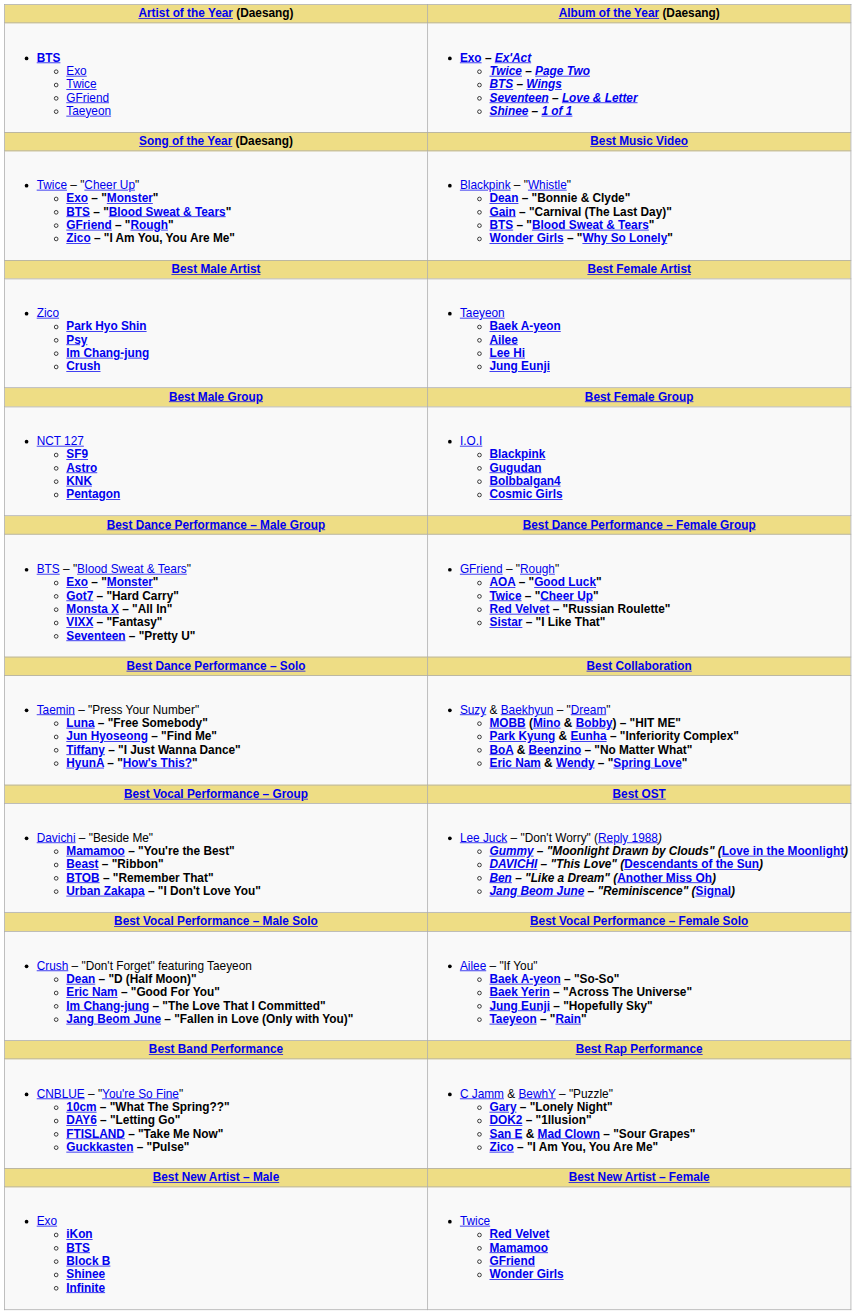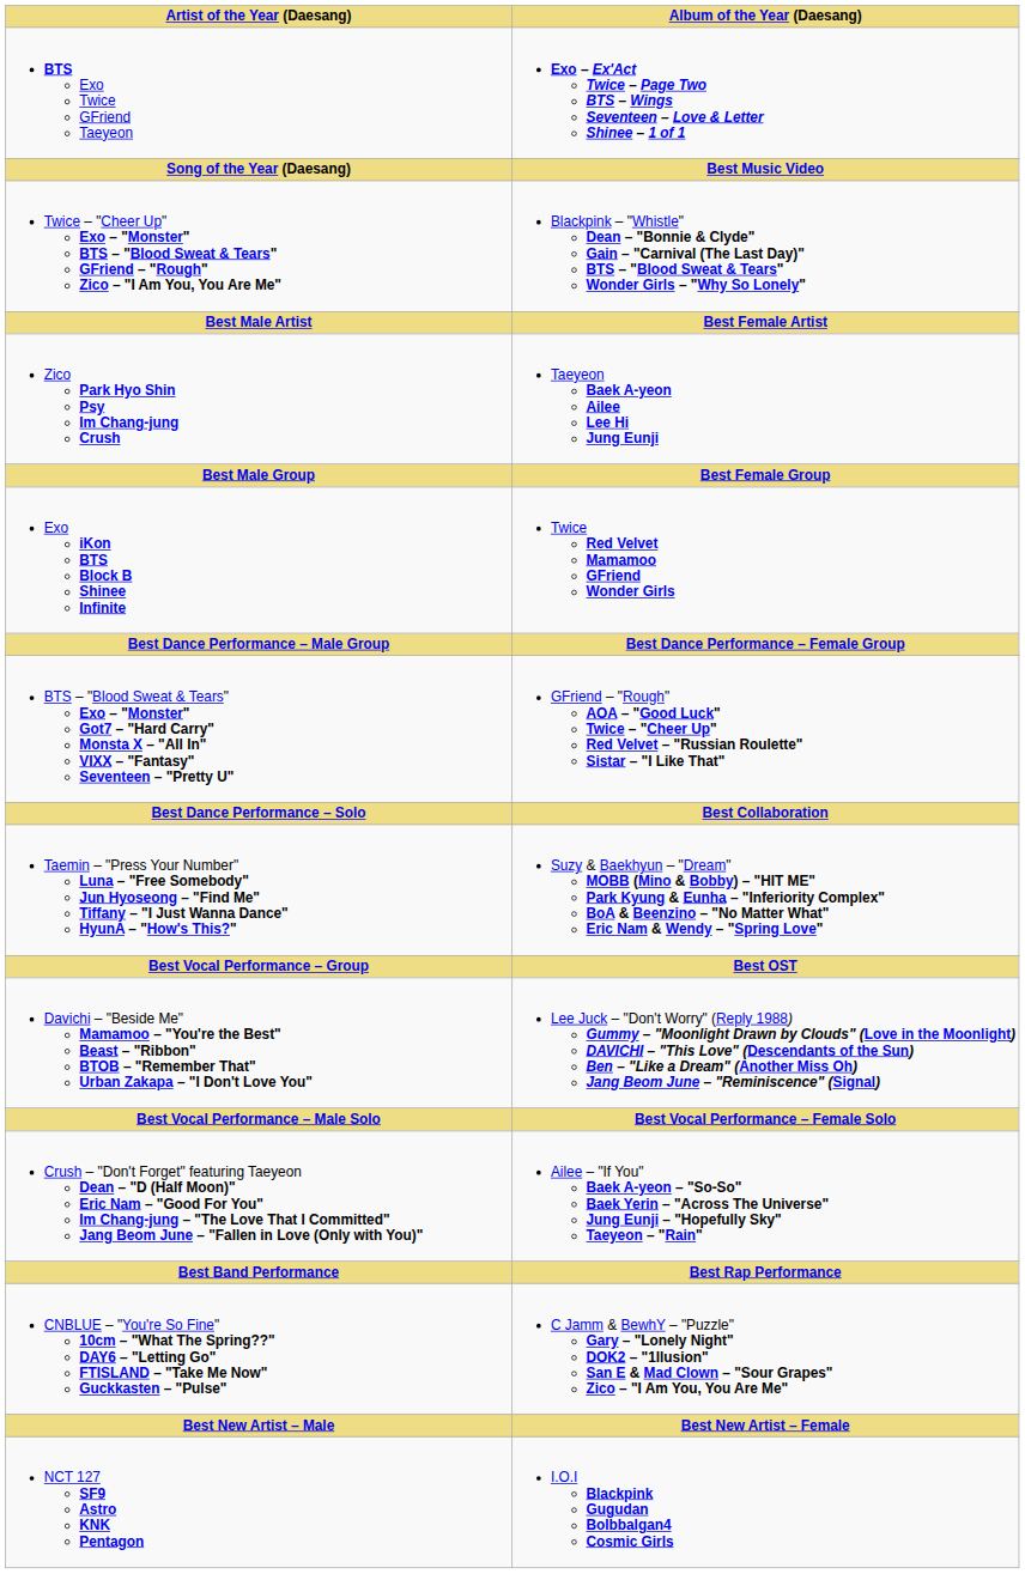 <table class=wikitable>
 <tr>
 <th scope="col" style="background:#EEDD85; width:50%"><a href='#'>Artist of the Year</a> (Daesang)</th>
 <th scope="col" style="background:#EEDD85; width:50%"><a href='#'>Album of the Year</a> (Daesang)</th>
 </tr>
 <tr>
 <td valign="top"><br><ul><li><strong><a href='#'>BTS</a></strong><ul><li><a href='#'>Exo</a></li><li><a href='#'>Twice</a></li><li><a href='#'>GFriend</a></li><li><a href='#'>Taeyeon</a></li></ul></li></ul></td>
 <td valign="top"><br><ul><li><strong><a href='#'>Exo</a> – <em><a href='#'>Ex'Act</a><strong><em><ul><li><a href='#'>Twice</a> – </em><a href='#'>Page Two</a><em></li><li><a href='#'>BTS</a> – </em><a href='#'>Wings</a><em></li><li><a href='#'>Seventeen</a> – </em><a href='#'>Love & Letter</a><em></li><li><a href='#'>Shinee</a> – </em><a href='#'>1 of 1</a><em></li></ul></li></ul></td>
 </tr>
 <tr>
 <th scope="col" style="background:#EEDD85; width:50%"><a href='#'>Song of the Year</a> (Daesang)</th>
 <th scope="col" style="background:#EEDD85; width:50%"><a href='#'>Best Music Video</a></th>
 </tr>
 <tr>
 <td valign="top"><br><ul><li></strong><a href='#'>Twice</a> – "<a href='#'>Cheer Up</a>"<strong><ul><li><a href='#'>Exo</a> – "<a href='#'>Monster</a>"</li><li><a href='#'>BTS</a> – "<a href='#'>Blood Sweat & Tears</a>"</li><li><a href='#'>GFriend</a> – "<a href='#'>Rough</a>"</li><li><a href='#'>Zico</a> – "I Am You, You Are Me"</li></ul></li></ul></td>
 <td valign="top"><br><ul><li></strong><a href='#'>Blackpink</a> – "<a href='#'>Whistle</a>"<strong><ul><li><a href='#'>Dean</a> – "Bonnie & Clyde"</li><li><a href='#'>Gain</a> – "Carnival (The Last Day)"</li><li><a href='#'>BTS</a> – "<a href='#'>Blood Sweat & Tears</a>"</li><li><a href='#'>Wonder Girls</a> – "<a href='#'>Why So Lonely</a>"</li></ul></li></ul></td>
 </tr>
 <tr>
 <th scope="col" style="background:#EEDD85; width:50%"><a href='#'>Best Male Artist</a></th>
 <th scope="col" style="background:#EEDD85; width:50%"><a href='#'>Best Female Artist</a></th>
 </tr>
 <tr>
 <td valign="top"><br><ul><li></strong><a href='#'>Zico</a><strong><ul><li><a href='#'>Park Hyo Shin</a></li><li><a href='#'>Psy</a></li><li><a href='#'>Im Chang-jung</a></li><li><a href='#'>Crush</a></li></ul></li></ul></td>
 <td valign="top"><br><ul><li></strong><a href='#'>Taeyeon</a><strong><ul><li><a href='#'>Baek A-yeon</a></li><li><a href='#'>Ailee</a></li><li><a href='#'>Lee Hi</a></li><li><a href='#'>Jung Eunji</a></li></ul></li></ul></td>
 </tr>
 <tr>
 <th scope="col" style="background:#EEDD85; width:50%"><a href='#'>Best Male Group</a></th>
 <th scope="col" style="background:#EEDD85; width:50%"><a href='#'>Best Female Group</a></th>
 </tr>
 <tr>
-<td valign="top"><br><ul><li></strong><a href='#'>NCT 127</a><strong><ul><li><a href='#'>SF9</a></li><li><a href='#'>Astro</a></li><li><a href='#'>KNK</a></li><li><a href='#'>Pentagon</a></li></ul></li></ul></td>
-<td valign="top"><br><ul><li></strong><a href='#'>I.O.I</a><strong><ul><li><a href='#'>Blackpink</a></li><li><a href='#'>Gugudan</a></li><li><a href='#'>Bolbbalgan4</a></li><li><a href='#'>Cosmic Girls</a></li></ul></li></ul></td>
+<td valign="top"><br><ul><li></strong><a href='#'>Exo</a><strong><ul><li><a href='#'>iKon</a></li><li><a href='#'>BTS</a></li><li><a href='#'>Block B</a></li><li><a href='#'>Shinee</a></li><li><a href='#'>Infinite</a></li></ul></li></ul></td>
+<td valign="top"><br><ul><li></strong><a href='#'>Twice</a><strong><ul><li><a href='#'>Red Velvet</a></li><li><a href='#'>Mamamoo</a></li><li><a href='#'>GFriend</a></li><li><a href='#'>Wonder Girls</a></li></ul></li></ul></td>
 </tr>
 <tr>
 <th scope="col" style="background:#EEDD85; width:50%"><a href='#'>Best Dance Performance – Male Group</a></th>
 <th scope="col" style="background:#EEDD85; width:50%"><a href='#'>Best Dance Performance – Female Group</a></th>
 </tr>
 <tr>
 <td valign="top"><br><ul><li></strong><a href='#'>BTS</a> – "<a href='#'>Blood Sweat & Tears</a>"<strong><ul><li><a href='#'>Exo</a> – "<a href='#'>Monster</a>"</li><li><a href='#'>Got7</a> – "Hard Carry"</li><li><a href='#'>Monsta X</a> – "All In"</li><li><a href='#'>VIXX</a> – "Fantasy"</li><li><a href='#'>Seventeen</a> – "Pretty U"</li></ul></li></ul></td>
 <td valign="top"><br><ul><li></strong><a href='#'>GFriend</a> – "<a href='#'>Rough</a>"<strong><ul><li><a href='#'>AOA</a> – "<a href='#'>Good Luck</a>"</li><li><a href='#'>Twice</a> – "<a href='#'>Cheer Up</a>"</li><li><a href='#'>Red Velvet</a> – "Russian Roulette"</li><li><a href='#'>Sistar</a> – "I Like That"</li></ul></li></ul></td>
 </tr>
 <tr>
 <th scope="col" style="background:#EEDD85; width:50%"><a href='#'>Best Dance Performance – Solo</a></th>
 <th scope="col" style="background:#EEDD85; width:50%"><a href='#'>Best Collaboration</a></th>
 </tr>
 <tr>
 <td valign="top"><br><ul><li></strong><a href='#'>Taemin</a> – "Press Your Number"<strong><ul><li><a href='#'>Luna</a> – "Free Somebody"</li><li><a href='#'>Jun Hyoseong</a> – "Find Me"</li><li><a href='#'>Tiffany</a> – "I Just Wanna Dance"</li><li><a href='#'>HyunA</a> – "<a href='#'>How's This?</a>"</li></ul></li></ul></td>
 <td valign="top"><br><ul><li></strong><a href='#'>Suzy</a> & <a href='#'>Baekhyun</a> – "<a href='#'>Dream</a>"<strong><ul><li><a href='#'>MOBB</a> (<a href='#'>Mino</a> & <a href='#'>Bobby</a>) – "HIT ME"</li><li><a href='#'>Park Kyung</a> & <a href='#'>Eunha</a> – "Inferiority Complex"</li><li><a href='#'>BoA</a> & <a href='#'>Beenzino</a> – "No Matter What"</li><li><a href='#'>Eric Nam</a> & <a href='#'>Wendy</a> – "<a href='#'>Spring Love</a>"</li></ul></li></ul></td>
 </tr>
 <tr>
 <th scope="col" style="background:#EEDD85; width:50%"><a href='#'>Best Vocal Performance – Group</a></th>
 <th scope="col" style="background:#EEDD85; width:50%"><a href='#'>Best OST</a></th>
 </tr>
 <tr>
 <td valign="top"><br><ul><li></strong><a href='#'>Davichi</a> – "Beside Me"<strong><ul><li><a href='#'>Mamamoo</a> – "You're the Best"</li><li><a href='#'>Beast</a> – "Ribbon"</li><li><a href='#'>BTOB</a> – "Remember That"</li><li><a href='#'>Urban Zakapa</a> – "I Don't Love You"</li></ul></li></ul></td>
 <td valign="top"><br><ul><li></strong><a href='#'>Lee Juck</a> – "Don't Worry" (</em><a href='#'>Reply 1988</a><em>)<strong><ul><li><a href='#'>Gummy</a> – "Moonlight Drawn by Clouds" (</em><a href='#'>Love in the Moonlight</a><em>)</li><li><a href='#'>DAVICHI</a> – "This Love" (</em><a href='#'>Descendants of the Sun</a><em>)</li><li><a href='#'>Ben</a> – "Like a Dream" (</em><a href='#'>Another Miss Oh</a><em>)</li><li><a href='#'>Jang Beom June</a> – "Reminiscence" (</em><a href='#'>Signal</a><em>)</li></ul></li></ul></td>
 </tr>
 <tr>
 <th scope="col" style="background:#EEDD85; width:50%"><a href='#'>Best Vocal Performance – Male Solo</a></th>
 <th scope="col" style="background:#EEDD85; width:50%"><a href='#'>Best Vocal Performance – Female Solo</a></th>
 </tr>
 <tr>
 <td valign="top"><br><ul><li></strong><a href='#'>Crush</a> – "Don't Forget" featuring Taeyeon<strong><ul><li><a href='#'>Dean</a> – "D (Half Moon)"</li><li><a href='#'>Eric Nam</a> – "Good For You"</li><li><a href='#'>Im Chang-jung</a> – "The Love That I Committed"</li><li><a href='#'>Jang Beom June</a> – "Fallen in Love (Only with You)"</li></ul></li></ul></td>
 <td valign="top"><br><ul><li></strong><a href='#'>Ailee</a> – "If You"<strong><ul><li><a href='#'>Baek A-yeon</a> – "So-So"</li><li><a href='#'>Baek Yerin</a> – "Across The Universe"</li><li><a href='#'>Jung Eunji</a> – "Hopefully Sky"</li><li><a href='#'>Taeyeon</a> – "<a href='#'>Rain</a>"</li></ul></li></ul></td>
 </tr>
 <tr>
 <th scope="col" style="background:#EEDD85; width:50%"><a href='#'>Best Band Performance</a></th>
 <th scope="col" style="background:#EEDD85; width:50%"><a href='#'>Best Rap Performance</a></th>
 </tr>
 <tr>
 <td valign="top"><br><ul><li></strong><a href='#'>CNBLUE</a> – "<a href='#'>You're So Fine</a>"<strong><ul><li><a href='#'>10cm</a> – "What The Spring??"</li><li><a href='#'>DAY6</a> – "Letting Go"</li><li><a href='#'>FTISLAND</a> – "Take Me Now"</li><li><a href='#'>Guckkasten</a> – "Pulse"</li></ul></li></ul></td>
 <td valign="top"><br><ul><li></strong><a href='#'>C Jamm</a> & <a href='#'>BewhY</a> – "Puzzle"<strong><ul><li><a href='#'>Gary</a> – "Lonely Night"</li><li><a href='#'>DOK2</a> – "1llusion"</li><li><a href='#'>San E</a> & <a href='#'>Mad Clown</a> – "Sour Grapes"</li><li><a href='#'>Zico</a> – "I Am You, You Are Me"</li></ul></li></ul></td>
 </tr>
 <tr>
 <th scope="col" style="background:#EEDD85;"><a href='#'>Best New Artist – Male</a></th>
 <th scope="col" style="background:#EEDD85;"><a href='#'>Best New Artist – Female</a></th>
 </tr>
 <tr>
-<td valign="top"><br><ul><li></strong><a href='#'>Exo</a><strong><ul><li><a href='#'>iKon</a></li><li><a href='#'>BTS</a></li><li><a href='#'>Block B</a></li><li><a href='#'>Shinee</a></li><li><a href='#'>Infinite</a></li></ul></li></ul></td>
-<td valign="top"><br><ul><li></strong><a href='#'>Twice</a><strong><ul><li><a href='#'>Red Velvet</a></li><li><a href='#'>Mamamoo</a></li><li><a href='#'>GFriend</a></li><li><a href='#'>Wonder Girls</a></li></ul></li></ul></td>
+<td valign="top"><br><ul><li></strong><a href='#'>NCT 127</a><strong><ul><li><a href='#'>SF9</a></li><li><a href='#'>Astro</a></li><li><a href='#'>KNK</a></li><li><a href='#'>Pentagon</a></li></ul></li></ul></td>
+<td valign="top"><br><ul><li></strong><a href='#'>I.O.I</a><strong><ul><li><a href='#'>Blackpink</a></li><li><a href='#'>Gugudan</a></li><li><a href='#'>Bolbbalgan4</a></li><li><a href='#'>Cosmic Girls</a></li></ul></li></ul></td>
 </tr>
 </table>
